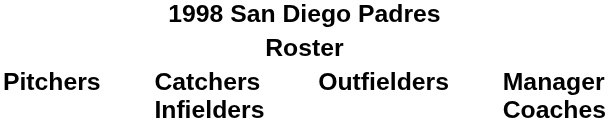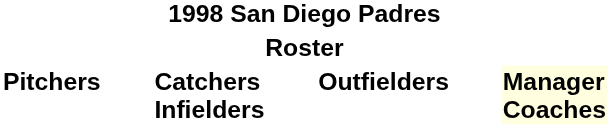 <table class="toccolours" style="font-size: 95%;">
 <tr>
 <th colspan="10" style="text-align:center; ">1998 San Diego Padres</th>
 </tr>
 <tr>
 <td colspan="10" style="text-align:center; "><strong>Roster</strong></td>
 </tr>
 <tr>
 <td valign="top"><strong>Pitchers</strong><br>                    </td>
 <td style="width:25px;"></td>
 <td valign="top"><strong>Catchers</strong><br>     <strong>Infielders</strong>         </td>
 <td style="width:25px;"></td>
 <td valign="top"><strong>Outfielders</strong><br>      </td>
 <td style="width:25px;"></td>
-<td valign="top"><strong>Manager</strong><br> <strong>Coaches</strong>      </td>
+<td valign="top" style="background: lightyellow;"><strong>Manager</strong><br> <strong>Coaches</strong>      </td>
 </tr>
 </table>
